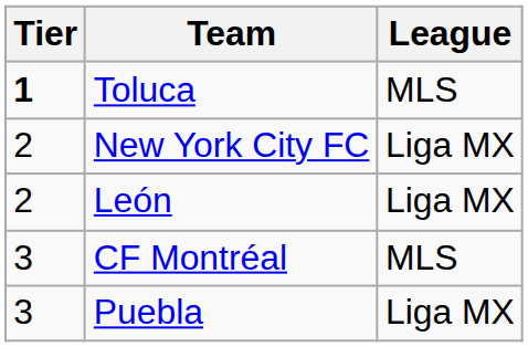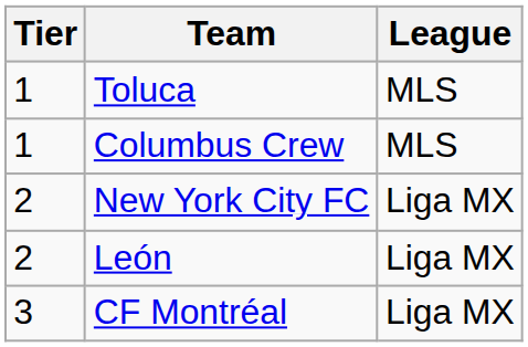 <table class="wikitable" style="white-space:nowrap; display:inline-table;">
 <tr>
 <th>Tier</th>
 <th>Team</th>
 <th>League</th>
 </tr>
 <tr>
-<td><strong>1</strong></td>
+<td>1</td>
 <td><a href='#'>Toluca</a></td>
+<td>MLS</td>
+</tr>
+<tr>
+<td>1</td>
+<td><a href='#'>Columbus Crew</a></td>
 <td>MLS</td>
 </tr>
 <tr>
 <td>2</td>
 <td><a href='#'>New York City FC</a></td>
 <td>Liga MX</td>
 </tr>
 <tr>
 <td>2</td>
 <td><a href='#'>León</a></td>
 <td>Liga MX</td>
 </tr>
 <tr>
 <td>3</td>
 <td><a href='#'>CF Montréal</a></td>
-<td>MLS</td>
-</tr>
-<tr>
-<td>3</td>
-<td><a href='#'>Puebla</a></td>
 <td>Liga MX</td>
 </tr>
 </table>
